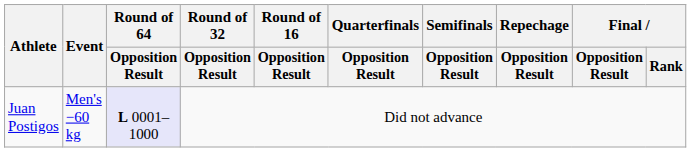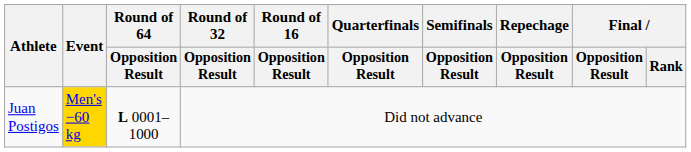 <table class="wikitable" style="font-size:90%">
 <tr>
 <th rowspan="2">Athlete</th>
 <th rowspan="2">Event</th>
 <th>Round of 64</th>
 <th>Round of 32</th>
 <th>Round of 16</th>
 <th>Quarterfinals</th>
 <th>Semifinals</th>
 <th>Repechage</th>
 <th colspan=2>Final / </th>
 </tr>
 <tr style="font-size:95%">
 <th>Opposition<br>Result</th>
 <th>Opposition<br>Result</th>
 <th>Opposition<br>Result</th>
 <th>Opposition<br>Result</th>
 <th>Opposition<br>Result</th>
 <th>Opposition<br>Result</th>
 <th>Opposition<br>Result</th>
 <th>Rank</th>
 </tr>
 <tr align=center>
 <td align=left><a href='#'>Juan Postigos</a></td>
-<td align=left><a href='#'>Men's −60 kg</a></td>
-<td style="background: lavender;"><br><strong>L</strong> 0001–1000</td>
+<td align=left style="background: gold;"><a href='#'>Men's −60 kg</a></td>
+<td><br><strong>L</strong> 0001–1000</td>
 <td colspan=7>Did not advance</td>
 </tr>
 </table>
